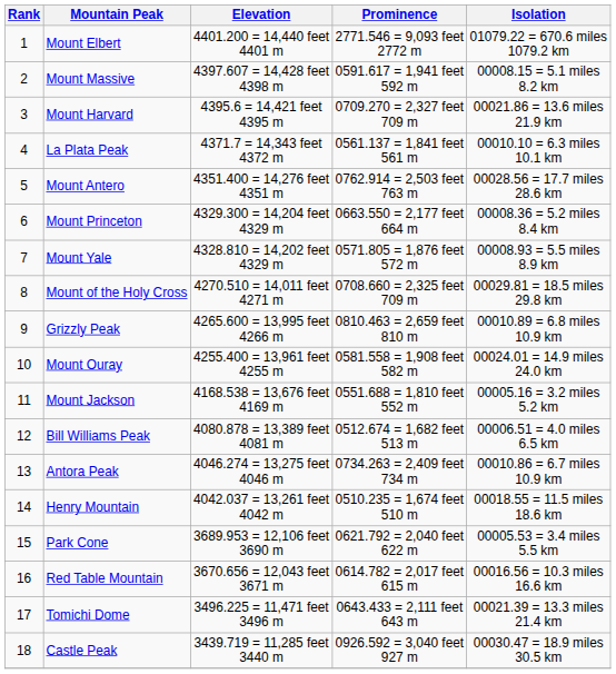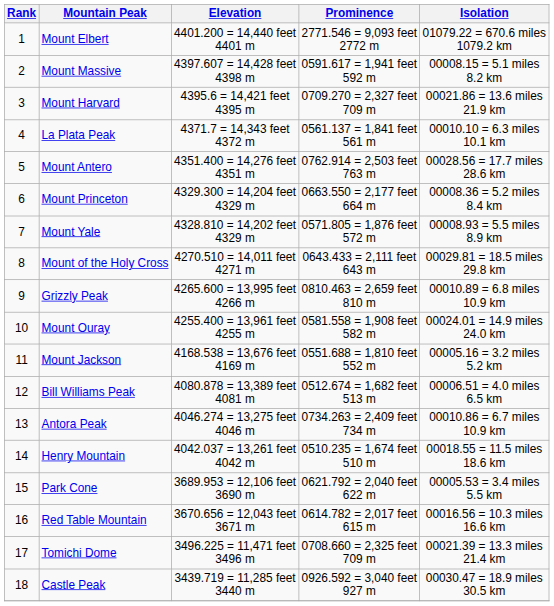 <table class="wikitable sortable">
 <tr>
 <th><a href='#'>Rank</a></th>
 <th><a href='#'>Mountain Peak</a></th>
 <th><a href='#'>Elevation</a></th>
 <th><a href='#'>Prominence</a></th>
 <th><a href='#'>Isolation</a></th>
 </tr>
 <tr>
 <td align=center>1</td>
 <td><a href='#'>Mount Elbert</a> </td>
 <td align=center><span>4401.200 = </span>14,440 feet<br>4401 m</td>
 <td align=center><span>2771.546 = </span>9,093 feet<br>2772 m</td>
 <td align=center><span>01079.22 = </span>670.6 miles<br>1079.2 km</td>
 </tr>
 <tr>
 <td align=center>2</td>
 <td><a href='#'>Mount Massive</a></td>
 <td align=center><span>4397.607 = </span>14,428 feet<br>4398 m</td>
 <td align=center><span>0591.617 = </span>1,941 feet<br>592 m</td>
 <td align=center><span>00008.15 = </span>5.1 miles<br>8.2 km</td>
 </tr>
 <tr>
 <td align=center>3</td>
 <td><a href='#'>Mount Harvard</a> </td>
 <td align=center><span>4395.6 = </span>14,421 feet<br>4395 m</td>
 <td align=center><span>0709.270 = </span>2,327 feet<br>709 m</td>
 <td align=center><span>00021.86 = </span>13.6 miles<br>21.9 km</td>
 </tr>
 <tr>
 <td align=center>4</td>
 <td><a href='#'>La Plata Peak</a></td>
 <td align=center><span>4371.7 = </span>14,343 feet<br>4372 m</td>
 <td align=center><span>0561.137 = </span>1,841 feet<br>561 m</td>
 <td align=center><span>00010.10 = </span>6.3 miles<br>10.1 km</td>
 </tr>
 <tr>
 <td align=center>5</td>
 <td><a href='#'>Mount Antero</a> </td>
 <td align=center><span>4351.400 = </span>14,276 feet<br>4351 m</td>
 <td align=center><span>0762.914 = </span>2,503 feet<br>763 m</td>
 <td align=center><span>00028.56 = </span>17.7 miles<br>28.6 km</td>
 </tr>
 <tr>
 <td align=center>6</td>
 <td><a href='#'>Mount Princeton</a> </td>
 <td align=center><span>4329.300 = </span>14,204 feet<br>4329 m</td>
 <td align=center><span>0663.550 = </span>2,177 feet<br>664 m</td>
 <td align=center><span>00008.36 = </span>5.2 miles<br>8.4 km</td>
 </tr>
 <tr>
 <td align=center>7</td>
 <td><a href='#'>Mount Yale</a> </td>
 <td align=center><span>4328.810 = </span>14,202 feet<br>4329 m</td>
 <td align=center><span>0571.805 = </span>1,876 feet<br>572 m</td>
 <td align=center><span>00008.93 = </span>5.5 miles<br>8.9 km</td>
 </tr>
 <tr>
 <td align=center>8</td>
 <td><a href='#'>Mount of the Holy Cross</a> </td>
 <td align=center><span>4270.510 = </span>14,011 feet<br>4271 m</td>
-<td align=center><span>0708.660 = </span>2,325 feet<br>709 m</td>
+<td align=center><span>0643.433 = </span>2,111 feet<br>643 m</td>
 <td align=center><span>00029.81 = </span>18.5 miles<br>29.8 km</td>
 </tr>
 <tr>
 <td align=center>9</td>
 <td><a href='#'>Grizzly Peak</a> </td>
 <td align=center><span>4265.600 = </span>13,995 feet<br>4266 m</td>
 <td align=center><span>0810.463 = </span>2,659 feet<br>810 m</td>
 <td align=center><span>00010.89 = </span>6.8 miles<br>10.9 km</td>
 </tr>
 <tr>
 <td align=center>10</td>
 <td><a href='#'>Mount Ouray</a> </td>
 <td align=center><span>4255.400 = </span>13,961 feet<br>4255 m</td>
 <td align=center><span>0581.558 = </span>1,908 feet<br>582 m</td>
 <td align=center><span>00024.01 = </span>14.9 miles<br>24.0 km</td>
 </tr>
 <tr>
 <td align=center>11</td>
 <td><a href='#'>Mount Jackson</a> </td>
 <td align=center><span>4168.538 = </span>13,676 feet<br>4169 m</td>
 <td align=center><span>0551.688 = </span>1,810 feet<br>552 m</td>
 <td align=center><span>00005.16 = </span>3.2 miles<br>5.2 km</td>
 </tr>
 <tr>
 <td align=center>12</td>
 <td><a href='#'>Bill Williams Peak</a> </td>
 <td align=center><span>4080.878 = </span>13,389 feet<br>4081 m</td>
 <td align=center><span>0512.674 = </span>1,682 feet<br>513 m</td>
 <td align=center><span>00006.51 = </span>4.0 miles<br>6.5 km</td>
 </tr>
 <tr>
 <td align=center>13</td>
 <td><a href='#'>Antora Peak</a> </td>
 <td align=center><span>4046.274 = </span>13,275 feet<br>4046 m</td>
 <td align=center><span>0734.263 = </span>2,409 feet<br>734 m</td>
 <td align=center><span>00010.86 = </span>6.7 miles<br>10.9 km</td>
 </tr>
 <tr>
 <td align=center>14</td>
 <td><a href='#'>Henry Mountain</a> </td>
 <td align=center><span>4042.037 = </span>13,261 feet<br>4042 m</td>
 <td align=center><span>0510.235 = </span>1,674 feet<br>510 m</td>
 <td align=center><span>00018.55 = </span>11.5 miles<br>18.6 km</td>
 </tr>
 <tr>
 <td align=center>15</td>
 <td><a href='#'>Park Cone</a> </td>
 <td align=center><span>3689.953 = </span>12,106 feet<br>3690 m</td>
 <td align=center><span>0621.792 = </span>2,040 feet<br>622 m</td>
 <td align=center><span>00005.53 = </span>3.4 miles<br>5.5 km</td>
 </tr>
 <tr>
 <td align=center>16</td>
 <td><a href='#'>Red Table Mountain</a> </td>
 <td align=center><span>3670.656 = </span>12,043 feet<br>3671 m</td>
 <td align=center><span>0614.782 = </span>2,017 feet<br>615 m</td>
 <td align=center><span>00016.56 = </span>10.3 miles<br>16.6 km</td>
 </tr>
 <tr>
 <td align=center>17</td>
 <td><a href='#'>Tomichi Dome</a> </td>
 <td align=center><span>3496.225 = </span>11,471 feet<br>3496 m</td>
-<td align=center><span>0643.433 = </span>2,111 feet<br>643 m</td>
+<td align=center><span>0708.660 = </span>2,325 feet<br>709 m</td>
 <td align=center><span>00021.39 = </span>13.3 miles<br>21.4 km</td>
 </tr>
 <tr>
 <td align=center>18</td>
 <td><a href='#'>Castle Peak</a> </td>
 <td align=center><span>3439.719 = </span>11,285 feet<br>3440 m</td>
 <td align=center><span>0926.592 = </span>3,040 feet<br>927 m</td>
 <td align=center><span>00030.47 = </span>18.9 miles<br>30.5 km</td>
 </tr>
 <tr>
 </tr>
 </table>
